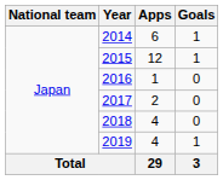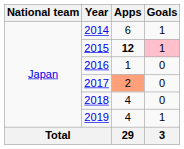 <table class="wikitable" style="text-align:center">
 <tr>
 <th>National team</th>
 <th>Year</th>
 <th>Apps</th>
 <th>Goals</th>
 </tr>
 <tr>
 <td rowspan="6"><a href='#'>Japan</a></td>
 <td><a href='#'>2014</a></td>
 <td>6</td>
 <td>1</td>
 </tr>
 <tr>
 <td><a href='#'>2015</a></td>
-<td>12</td>
-<td>1</td>
+<td><strong>12</strong></td>
+<td style="background: pink;">1</td>
 </tr>
 <tr>
 <td><a href='#'>2016</a></td>
 <td>1</td>
 <td>0</td>
 </tr>
 <tr>
 <td><a href='#'>2017</a></td>
-<td>2</td>
+<td style="background: lightsalmon;">2</td>
 <td>0</td>
 </tr>
 <tr>
 <td><a href='#'>2018</a></td>
 <td>4</td>
 <td>0</td>
 </tr>
 <tr>
 <td><a href='#'>2019</a></td>
 <td>4</td>
 <td>1</td>
 </tr>
 <tr>
 <th colspan="2">Total</th>
 <th>29</th>
 <th>3</th>
 </tr>
 </table>
